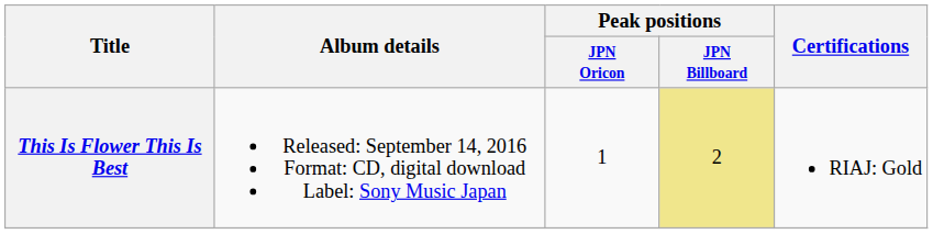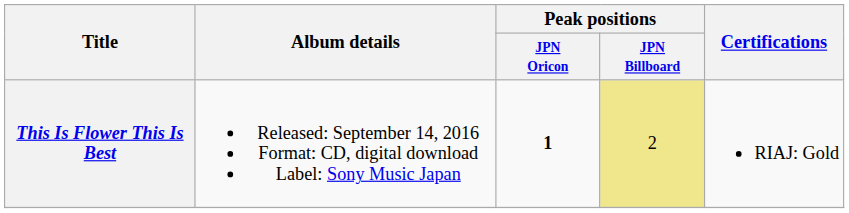 <table class="wikitable plainrowheaders" style="text-align:center;">
 <tr>
 <th scope="col" rowspan="2" style="width:10em;">Title</th>
 <th scope="col" rowspan="2" style="width:16em;">Album details</th>
 <th scope="col" colspan="2" style="width:11em;">Peak positions</th>
 <th scope="col" rowspan="2"><a href='#'>Certifications</a></th>
 </tr>
 <tr>
 <th scope="col" style="width:4em;font-size:90%;"><small><a href='#'>JPN<br>Oricon</a></small><br></th>
 <th scope="col" style="width:4em;font-size:90%;"><small><a href='#'>JPN<br>Billboard</a></small><br></th>
 </tr>
 <tr>
 <th scope="row"><em><a href='#'>This Is Flower This Is Best</a></em></th>
 <td><br><ul><li>Released: September 14, 2016</li><li>Format: CD, digital download</li><li>Label: <a href='#'>Sony Music Japan</a></li></ul></td>
-<td>1</td>
+<td><strong>1</strong></td>
 <td style="background: khaki;">2</td>
 <td><br><ul><li>RIAJ: Gold</li></ul></td>
 </tr>
 <tr>
 </tr>
 </table>
